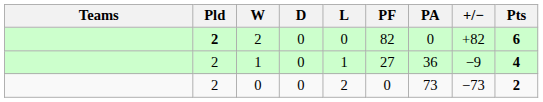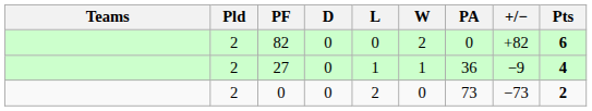 <table class="wikitable" style="text-align: center;">
 <tr>
 <th width="200">Teams</th>
 <th width="40">Pld</th>
-<th width="40">W</th>
+<th width="40">PF</th>
 <th width="40">D</th>
 <th width="40">L</th>
-<th width="40">PF</th>
+<th width="40">W</th>
 <th width="40">PA</th>
 <th width="40">+/−</th>
 <th width="40">Pts</th>
 </tr>
 <tr bgcolor=ccffcc>
 <td align=left></td>
-<td><strong>2</strong></td>
 <td>2</td>
+<td>82</td>
 <td>0</td>
 <td>0</td>
-<td>82</td>
+<td>2</td>
 <td>0</td>
 <td>+82</td>
 <td><strong>6</strong></td>
 </tr>
 <tr bgcolor=ccffcc>
 <td align=left></td>
 <td>2</td>
-<td>1</td>
+<td>27</td>
 <td>0</td>
 <td>1</td>
-<td>27</td>
+<td>1</td>
 <td>36</td>
 <td>−9</td>
 <td><strong>4</strong></td>
 </tr>
 <tr bgcolor=>
 <td align=left></td>
 <td>2</td>
 <td>0</td>
 <td>0</td>
 <td>2</td>
 <td>0</td>
 <td>73</td>
 <td>−73</td>
 <td><strong>2</strong></td>
 </tr>
 </table>
